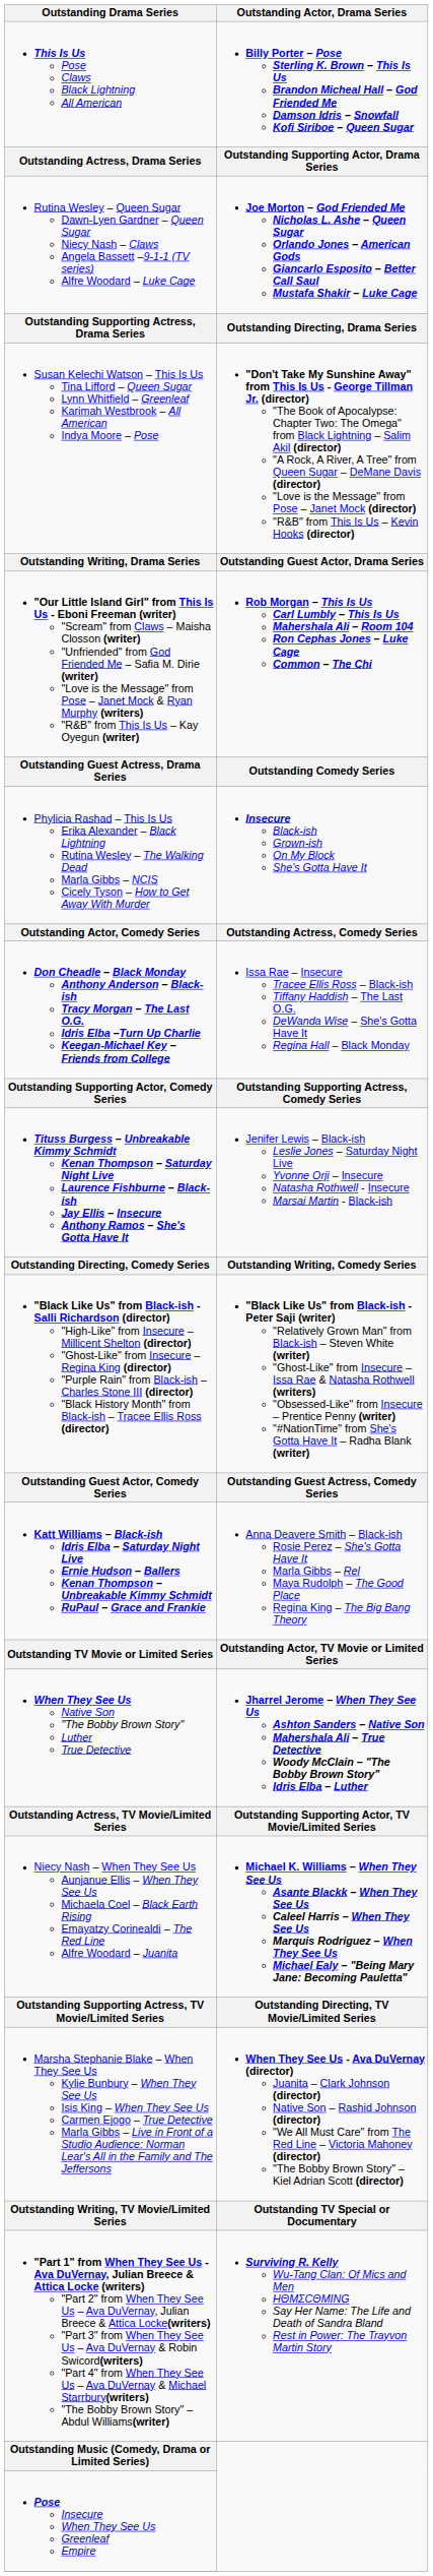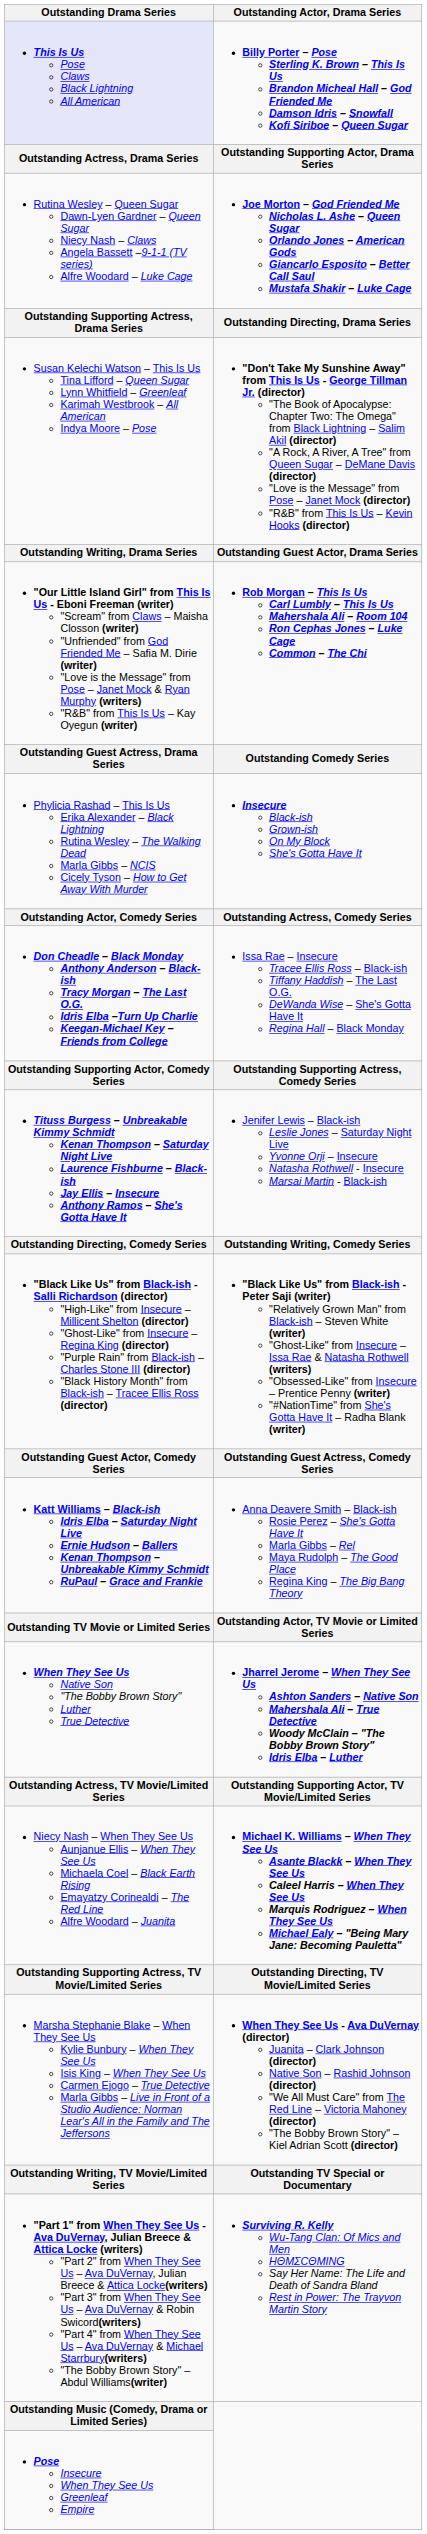 <table class=wikitable width="100%">
 <tr>
 <th width="50%">Outstanding Drama Series</th>
 <th width="50%">Outstanding Actor, Drama Series</th>
 </tr>
 <tr>
-<td valign="top"><br><ul><li><strong><em><a href='#'>This Is Us</a></em></strong><ul><li><em><a href='#'>Pose</a></em></li><li><em><a href='#'>Claws</a></em></li><li><em><a href='#'>Black Lightning</a></em></li><li><em><a href='#'>All American</a></em></li></ul></li></ul></td>
+<td valign="top" style="background: lavender;"><br><ul><li><strong><em><a href='#'>This Is Us</a></em></strong><ul><li><em><a href='#'>Pose</a></em></li><li><em><a href='#'>Claws</a></em></li><li><em><a href='#'>Black Lightning</a></em></li><li><em><a href='#'>All American</a></em></li></ul></li></ul></td>
 <td valign="top"><br><ul><li><strong><a href='#'>Billy Porter</a> – <em><a href='#'>Pose</a><strong><em><ul><li><a href='#'>Sterling K. Brown</a> – </em><a href='#'>This Is Us</a><em></li><li><a href='#'>Brandon Micheal Hall</a> – </em><a href='#'>God Friended Me</a><em></li><li><a href='#'>Damson Idris</a> – </em><a href='#'>Snowfall</a><em></li><li><a href='#'>Kofi Siriboe</a> – </em><a href='#'>Queen Sugar</a><em></li></ul></li></ul></td>
 </tr>
 <tr>
 <th width="50%">Outstanding Actress, Drama Series</th>
 <th width="50%">Outstanding Supporting Actor, Drama Series</th>
 </tr>
 <tr>
 <td valign="top"><br><ul><li></strong><a href='#'>Rutina Wesley</a> – </em><a href='#'>Queen Sugar</a></em></strong><ul><li><a href='#'>Dawn-Lyen Gardner</a> – <em><a href='#'>Queen Sugar</a></em></li><li><a href='#'>Niecy Nash</a> – <em><a href='#'>Claws</a></em></li><li><a href='#'>Angela Bassett</a> –<em><a href='#'>9-1-1 (TV series)</a></em></li><li><a href='#'>Alfre Woodard</a> – <em><a href='#'>Luke Cage</a></em></li></ul></li></ul></td>
 <td valign="top"><br><ul><li><strong><a href='#'>Joe Morton</a> – <em><a href='#'>God Friended Me</a><strong><em><ul><li><a href='#'>Nicholas L. Ashe</a> – </em><a href='#'>Queen Sugar</a><em></li><li><a href='#'>Orlando Jones</a> – </em><a href='#'>American Gods</a><em></li><li><a href='#'>Giancarlo Esposito</a> – </em><a href='#'>Better Call Saul</a><em></li><li><a href='#'>Mustafa Shakir</a> – </em><a href='#'>Luke Cage</a><em></li></ul></li></ul></td>
 </tr>
 <tr>
 <th width="50%">Outstanding Supporting Actress, Drama Series</th>
 <th width="50%">Outstanding Directing, Drama Series</th>
 </tr>
 <tr>
 <td valign="top"><br><ul><li></strong><a href='#'>Susan Kelechi Watson</a> – </em><a href='#'>This Is Us</a></em></strong><ul><li><a href='#'>Tina Lifford</a> –  <em><a href='#'>Queen Sugar</a></em></li><li><a href='#'>Lynn Whitfield</a> – <em><a href='#'>Greenleaf</a></em></li><li><a href='#'>Karimah Westbrook</a> – <em><a href='#'>All American</a></em></li><li><a href='#'>Indya Moore</a> – <em><a href='#'>Pose</a></em></li></ul></li></ul></td>
 <td valign="top"><br><ul><li><strong>"Don't Take My Sunshine Away" from <a href='#'>This Is Us</a> - <a href='#'>George Tillman Jr.</a> (director)</strong><ul><li>"The Book of Apocalypse: Chapter Two: The Omega" from <a href='#'>Black Lightning</a> – <a href='#'>Salim Akil</a> <strong>(director)</strong></li><li>"A Rock, A River, A Tree" from <a href='#'>Queen Sugar</a> – <a href='#'>DeMane Davis</a> <strong>(director)</strong></li><li>"Love is the Message" from <a href='#'>Pose</a> – <a href='#'>Janet Mock</a> <strong>(director)</strong></li><li>"R&B" from <a href='#'>This Is Us</a> – <a href='#'>Kevin Hooks</a> <strong>(director)</strong></li></ul></li></ul></td>
 </tr>
 <tr>
 <th width="50%">Outstanding Writing, Drama Series</th>
 <th width="50%">Outstanding Guest Actor, Drama Series</th>
 </tr>
 <tr>
 <td valign="top"><br><ul><li><strong>"Our Little Island Girl" from <a href='#'>This Is Us</a> - Eboni Freeman (writer)</strong><ul><li>"Scream" from <a href='#'>Claws</a> – Maisha Closson <strong>(writer)</strong></li><li>"Unfriended" from <a href='#'>God Friended Me</a> – Safia M. Dirie <strong>(writer)</strong></li><li>"Love is the Message" from <a href='#'>Pose</a> – <a href='#'>Janet Mock</a> & <a href='#'>Ryan Murphy</a> <strong>(writers)</strong></li><li>"R&B" from <a href='#'>This Is Us</a> – Kay Oyegun <strong>(writer)</strong></li></ul></li></ul></td>
 <td valign="top"><br><ul><li><strong><a href='#'>Rob Morgan</a> – <em><a href='#'>This Is Us</a><strong><em><ul><li><a href='#'>Carl Lumbly</a> – </em><a href='#'>This Is Us</a><em></li><li><a href='#'>Mahershala Ali</a> – </em><a href='#'>Room 104</a><em></li><li><a href='#'>Ron Cephas Jones</a> – </em><a href='#'>Luke Cage</a><em></li><li><a href='#'>Common</a> – </em><a href='#'>The Chi</a><em></li></ul></li></ul></td>
 </tr>
 <tr>
 <th width="50%">Outstanding Guest Actress, Drama Series</th>
 <th width="50%">Outstanding Comedy Series</th>
 </tr>
 <tr>
 <td valign="top"><br><ul><li></strong><a href='#'>Phylicia Rashad</a> –  </em><a href='#'>This Is Us</a></em></strong><ul><li><a href='#'>Erika Alexander</a> – <em><a href='#'>Black Lightning</a></em></li><li><a href='#'>Rutina Wesley</a> – <em><a href='#'>The Walking Dead</a></em></li><li><a href='#'>Marla Gibbs</a> – <em><a href='#'>NCIS</a></em></li><li><a href='#'>Cicely Tyson</a> – <em><a href='#'>How to Get Away With Murder</a></em></li></ul></li></ul></td>
 <td valign="top"><br><ul><li><strong><em><a href='#'>Insecure</a></em></strong><ul><li><em><a href='#'>Black-ish</a></em></li><li><em><a href='#'>Grown-ish</a></em></li><li><em><a href='#'>On My Block</a></em></li><li><em><a href='#'>She's Gotta Have It</a></em></li></ul></li></ul></td>
 </tr>
 <tr>
 <th width="50%">Outstanding Actor, Comedy Series</th>
 <th width="50%">Outstanding Actress, Comedy Series</th>
 </tr>
 <tr>
 <td valign="top"><br><ul><li><strong><em><a href='#'>Don Cheadle</a><em> – <a href='#'>Black Monday</a><strong><ul><li></em><a href='#'>Anthony Anderson</a><em> – <a href='#'>Black-ish</a></li><li></em><a href='#'>Tracy Morgan</a><em> – <a href='#'>The Last O.G.</a></li><li></em><a href='#'>Idris Elba</a><em> –<a href='#'>Turn Up Charlie</a></li><li></em><a href='#'>Keegan-Michael Key</a><em> – <a href='#'>Friends from College</a></li></ul></li></ul></td>
 <td valign="top"><br><ul><li></em></strong><a href='#'>Issa Rae</a></em> – <a href='#'>Insecure</a></strong><ul><li><em><a href='#'>Tracee Ellis Ross</a></em> – <a href='#'>Black-ish</a></li><li><em><a href='#'>Tiffany Haddish</a></em> – <a href='#'>The Last O.G.</a></li><li><em><a href='#'>DeWanda Wise</a></em> – <a href='#'>She's Gotta Have It</a></li><li><em><a href='#'>Regina Hall</a></em> – <a href='#'>Black Monday</a></li></ul></li></ul></td>
 </tr>
 <tr>
 <th width="50%">Outstanding Supporting Actor, Comedy Series</th>
 <th width="50%">Outstanding Supporting Actress, Comedy Series</th>
 </tr>
 <tr>
 <td valign="top"><br><ul><li><strong><em><a href='#'>Tituss Burgess</a><em> – <a href='#'>Unbreakable Kimmy Schmidt</a><strong><ul><li></em><a href='#'>Kenan Thompson</a><em> – <a href='#'>Saturday Night Live</a></li><li></em><a href='#'>Laurence Fishburne</a><em> – <a href='#'>Black-ish</a></li><li></em><a href='#'>Jay Ellis</a><em> – <a href='#'>Insecure</a></li><li></em><a href='#'>Anthony Ramos</a><em> – <a href='#'>She's Gotta Have It</a></li></ul></li></ul></td>
 <td valign="top"><br><ul><li></em></strong><a href='#'>Jenifer Lewis</a></em> – <a href='#'>Black-ish</a></strong><ul><li><em><a href='#'>Leslie Jones</a></em> – <a href='#'>Saturday Night Live</a></li><li><em><a href='#'>Yvonne Orji</a></em> – <a href='#'>Insecure</a></li><li><em><a href='#'>Natasha Rothwell</a></em> - <a href='#'>Insecure</a></li><li><em><a href='#'>Marsai Martin</a></em> - <a href='#'>Black-ish</a></li></ul></li></ul></td>
 </tr>
 <tr>
 <th width="50%">Outstanding Directing, Comedy Series</th>
 <th width="50%">Outstanding Writing, Comedy Series</th>
 </tr>
 <tr>
 <td valign="top"><br><ul><li><strong>"Black Like Us" from <a href='#'>Black-ish</a> - <a href='#'>Salli Richardson</a> (director)</strong><ul><li>"High-Like" from <a href='#'>Insecure</a> – <a href='#'>Millicent Shelton</a> <strong>(director)</strong></li><li>"Ghost-Like" from <a href='#'>Insecure</a> – <a href='#'>Regina King</a> <strong>(director)</strong></li><li>"Purple Rain" from <a href='#'>Black-ish</a> – <a href='#'>Charles Stone III</a> <strong>(director)</strong></li><li>"Black History Month" from <a href='#'>Black-ish</a> – <a href='#'>Tracee Ellis Ross</a> <strong>(director)</strong></li></ul></li></ul></td>
 <td valign="top"><br><ul><li><strong>"Black Like Us" from <a href='#'>Black-ish</a> - Peter Saji (writer)</strong><ul><li>"Relatively Grown Man" from <a href='#'>Black-ish</a> – Steven White <strong>(writer)</strong></li><li>"Ghost-Like" from <a href='#'>Insecure</a> – <a href='#'>Issa Rae</a> & <a href='#'>Natasha Rothwell</a> <strong>(writers)</strong></li><li>"Obsessed-Like" from <a href='#'>Insecure</a> – Prentice Penny <strong>(writer)</strong></li><li>"#NationTime" from <a href='#'>She's Gotta Have It</a> – Radha Blank <strong>(writer)</strong></li></ul></li></ul></td>
 </tr>
 <tr>
 <th width="50%">Outstanding Guest Actor, Comedy Series</th>
 <th width="50%">Outstanding Guest Actress, Comedy Series</th>
 </tr>
 <tr>
 <td valign="top"><br><ul><li><strong><a href='#'>Katt Williams</a> – <em><a href='#'>Black-ish</a><strong><em><ul><li><a href='#'>Idris Elba</a>  – </em><a href='#'>Saturday Night Live</a><em></li><li><a href='#'>Ernie Hudson</a>  – </em><a href='#'>Ballers</a><em></li><li><a href='#'>Kenan Thompson</a> – </em><a href='#'>Unbreakable Kimmy Schmidt</a><em></li><li><a href='#'>RuPaul</a> – </em><a href='#'>Grace and Frankie</a><em></li></ul></li></ul></td>
 <td valign="top"><br><ul><li></strong><a href='#'>Anna Deavere Smith</a>  – </em><a href='#'>Black-ish</a></em></strong><ul><li><a href='#'>Rosie Perez</a> – <em><a href='#'>She's Gotta Have It</a></em></li><li><a href='#'>Marla Gibbs</a> – <em><a href='#'>Rel</a></em></li><li><a href='#'>Maya Rudolph</a> – <em><a href='#'>The Good Place</a></em></li><li><a href='#'>Regina King</a> – <em><a href='#'>The Big Bang Theory</a></em></li></ul></li></ul></td>
 </tr>
 <tr>
 <th width="50%">Outstanding TV Movie or Limited Series</th>
 <th width="50%">Outstanding Actor, TV Movie or Limited Series</th>
 </tr>
 <tr>
 <td valign="top"><br><ul><li><strong><em><a href='#'>When They See Us</a></em></strong><ul><li><em><a href='#'>Native Son</a></em></li><li><em>"The Bobby Brown Story"</em></li><li><em><a href='#'>Luther</a></em></li><li><em><a href='#'>True Detective</a></em></li></ul></li></ul></td>
 <td valign="top"><br><ul><li><strong><a href='#'>Jharrel Jerome</a> – <em><a href='#'>When They See Us</a><strong><em><ul><li><a href='#'>Ashton Sanders</a> – </em><a href='#'>Native Son</a><em></li><li><a href='#'>Mahershala Ali</a> – </em><a href='#'>True Detective</a><em></li><li>Woody McClain – </em>"The Bobby Brown Story"<em></li><li><a href='#'>Idris Elba</a> – </em><a href='#'>Luther</a><em></li></ul></li></ul></td>
 </tr>
 <tr>
 <th width="50%">Outstanding Actress, TV Movie/Limited Series</th>
 <th width="50%">Outstanding Supporting Actor, TV Movie/Limited Series</th>
 </tr>
 <tr>
 <td valign="top"><br><ul><li></strong><a href='#'>Niecy Nash</a> – </em><a href='#'>When They See Us</a></em></strong><ul><li><a href='#'>Aunjanue Ellis</a>  – <em><a href='#'>When They See Us</a></em></li><li><a href='#'>Michaela Coel</a>  – <em><a href='#'>Black Earth Rising</a></em></li><li><a href='#'>Emayatzy Corinealdi</a> – <em><a href='#'>The Red Line</a></em></li><li><a href='#'>Alfre Woodard</a> – <em><a href='#'>Juanita</a></em></li></ul></li></ul></td>
 <td valign="top"><br><ul><li><strong><a href='#'>Michael K. Williams</a>  – <em><a href='#'>When They See Us</a><strong><em><ul><li><a href='#'>Asante Blackk</a> – </em><a href='#'>When They See Us</a><em></li><li>Caleel Harris – </em><a href='#'>When They See Us</a><em></li><li>Marquis Rodriguez – </em><a href='#'>When They See Us</a><em></li><li><a href='#'>Michael Ealy</a> – </em>"Being Mary Jane: Becoming Pauletta"<em></li></ul></li></ul></td>
 </tr>
 <tr>
 <th width="50%">Outstanding Supporting Actress, TV Movie/Limited Series</th>
 <th width="50%">Outstanding Directing, TV Movie/Limited Series</th>
 </tr>
 <tr>
 <td valign="top"><br><ul><li></strong><a href='#'>Marsha Stephanie Blake</a> – </em><a href='#'>When They See Us</a></em></strong><ul><li><a href='#'>Kylie Bunbury</a>  – <em><a href='#'>When They See Us</a></em></li><li><a href='#'>Isis King</a>  – <em><a href='#'>When They See Us</a></em></li><li><a href='#'>Carmen Ejogo</a> – <em><a href='#'>True Detective</a></em></li><li><a href='#'>Marla Gibbs</a> – <em><a href='#'>Live in Front of a Studio Audience: Norman Lear's All in the Family and The Jeffersons</a></em></li></ul></li></ul></td>
 <td valign="top"><br><ul><li><strong><a href='#'>When They See Us</a> - <a href='#'>Ava DuVernay</a> (director)</strong><ul><li><a href='#'>Juanita</a> – <a href='#'>Clark Johnson</a> <strong>(director)</strong></li><li><a href='#'>Native Son</a> – <a href='#'>Rashid Johnson</a> <strong>(director)</strong></li><li>"We All Must Care" from <a href='#'>The Red Line</a> – <a href='#'>Victoria Mahoney</a> <strong>(director)</strong></li><li>"The Bobby Brown Story" – Kiel Adrian Scott <strong>(director)</strong></li></ul></li></ul></td>
 </tr>
 <tr>
 <th width="50%">Outstanding Writing, TV Movie/Limited Series</th>
 <th width="50%">Outstanding TV Special or Documentary</th>
 </tr>
 <tr>
 <td valign="top"><br><ul><li><strong>"Part 1" from <a href='#'>When They See Us</a> - <a href='#'>Ava DuVernay</a>, Julian Breece & <a href='#'>Attica Locke</a> (writers)</strong><ul><li>"Part 2" from <a href='#'>When They See Us</a> – <a href='#'>Ava DuVernay</a>, Julian Breece & <a href='#'>Attica Locke</a><strong>(writers)</strong></li><li>"Part 3" from <a href='#'>When They See Us</a> – <a href='#'>Ava DuVernay</a> & Robin Swicord<strong>(writers)</strong></li><li>"Part 4" from <a href='#'>When They See Us</a> – <a href='#'>Ava DuVernay</a> & <a href='#'>Michael Starrbury</a><strong>(writers)</strong></li><li>"The Bobby Brown Story" – Abdul Williams<strong>(writer)</strong></li></ul></li></ul></td>
 <td valign="top"><br><ul><li><strong><em><a href='#'>Surviving R. Kelly</a></em></strong><ul><li><em><a href='#'>Wu-Tang Clan: Of Mics and Men</a></em></li><li><em><a href='#'>HΘMΣCΘMING</a></em></li><li><em>Say Her Name: The Life and Death of Sandra Bland</em></li><li><em><a href='#'>Rest in Power: The Trayvon Martin Story</a></em></li></ul></li></ul></td>
 </tr>
 <tr>
 <th width="50%">Outstanding Music (Comedy, Drama or Limited Series)</th>
 </tr>
 <tr>
 <td valign="top"><br><ul><li><strong><em><a href='#'>Pose</a></em></strong><ul><li><em><a href='#'>Insecure</a></em></li><li><em><a href='#'>When They See Us</a></em></li><li><em><a href='#'>Greenleaf</a></em></li><li><em><a href='#'>Empire</a></em></li></ul></li></ul></td>
 </tr>
 <tr>
 </tr>
 </table>
